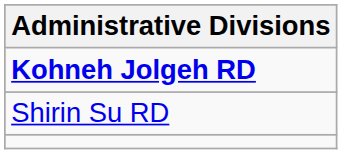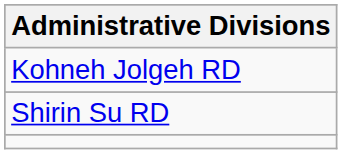 <table class="wikitable">
 <tr>
 <th>Administrative Divisions</th>
 </tr>
 <tr>
-<td><strong><a href='#'>Kohneh Jolgeh RD</a></strong></td>
+<td><a href='#'>Kohneh Jolgeh RD</a></td>
 </tr>
 <tr>
 <td><a href='#'>Shirin Su RD</a></td>
 </tr>
 <tr>
 <td colspan=1></td>
 </tr>
 </table>
